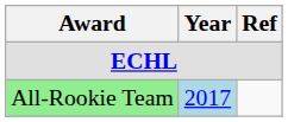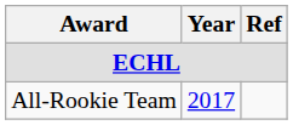 <table class="wikitable">
 <tr>
 <th>Award</th>
 <th>Year</th>
 <th>Ref</th>
 </tr>
 <tr ALIGN="center" bgcolor="#e0e0e0">
 <td colspan="3"><strong><a href='#'>ECHL</a></strong></td>
 </tr>
 <tr>
-<td style="background: lightgreen;">All-Rookie Team</td>
-<td style="background: lightblue;"><a href='#'>2017</a></td>
+<td>All-Rookie Team</td>
+<td><a href='#'>2017</a></td>
 <td></td>
 </tr>
 </table>
